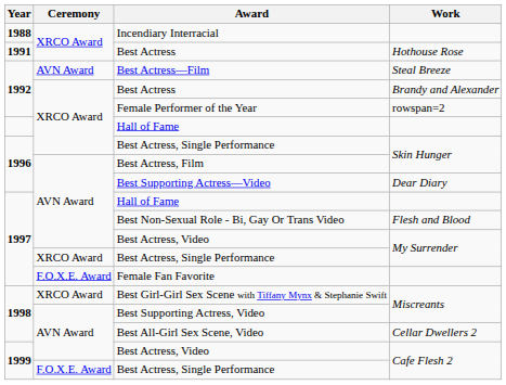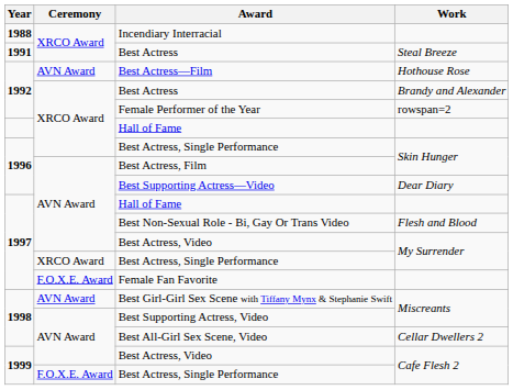 <table class="wikitable">
 <tr>
 <th>Year</th>
 <th>Ceremony</th>
 <th>Award</th>
 <th>Work</th>
 </tr>
 <tr>
 <td><strong>1988</strong></td>
 <td rowspan=2><a href='#'>XRCO Award</a></td>
 <td>Incendiary Interracial</td>
 <td></td>
 </tr>
 <tr>
 <td><strong>1991</strong></td>
 <td>Best Actress</td>
-<td><em>Hothouse Rose</em></td>
+<td><em>Steal Breeze</em></td>
 </tr>
 <tr>
 <td rowspan=3><strong>1992</strong></td>
 <td><a href='#'>AVN Award</a></td>
 <td><a href='#'>Best Actress—Film</a></td>
-<td><em>Steal Breeze</em></td>
+<td><em>Hothouse Rose</em></td>
 </tr>
 <tr>
 <td rowspan=4>XRCO Award</td>
 <td>Best Actress</td>
 <td><em>Brandy and Alexander</em></td>
 </tr>
 <tr>
 <td>Female Performer of the Year</td>
 <td>rowspan=2 </td>
 </tr>
 <tr>
 <td></td>
 <td><a href='#'>Hall of Fame</a></td>
 </tr>
 <tr>
 <td rowspan="3"><strong>1996</strong></td>
 <td>Best Actress, Single Performance</td>
 <td rowspan="2"><em>Skin Hunger</em></td>
 </tr>
 <tr>
 <td rowspan="5">AVN Award</td>
 <td>Best Actress, Film</td>
 </tr>
 <tr>
 <td><a href='#'>Best Supporting Actress—Video</a></td>
 <td><em>Dear Diary</em></td>
 </tr>
 <tr>
 <td rowspan="5"><strong>1997</strong></td>
 <td><a href='#'>Hall of Fame</a></td>
 <td></td>
 </tr>
 <tr>
 <td>Best Non-Sexual Role - Bi, Gay Or Trans Video</td>
 <td><em>Flesh and Blood</em></td>
 </tr>
 <tr>
 <td>Best Actress, Video</td>
 <td rowspan=2><em>My Surrender</em></td>
 </tr>
 <tr>
 <td>XRCO Award</td>
 <td>Best Actress, Single Performance</td>
 </tr>
 <tr>
 <td><a href='#'>F.O.X.E. Award</a></td>
 <td>Female Fan Favorite</td>
 <td></td>
 </tr>
 <tr>
 <td rowspan="3"><strong>1998</strong></td>
-<td>XRCO Award</td>
+<td><a href='#'>AVN Award</a></td>
 <td>Best Girl-Girl Sex Scene <small>with <a href='#'>Tiffany Mynx</a> & Stephanie Swift</small></td>
 <td rowspan="2"><em>Miscreants</em></td>
 </tr>
 <tr>
 <td rowspan="3">AVN Award</td>
 <td>Best Supporting Actress, Video</td>
 </tr>
 <tr>
 <td>Best All-Girl Sex Scene, Video</td>
 <td><em>Cellar Dwellers 2</em></td>
 </tr>
 <tr>
 <td rowspan="2"><strong>1999</strong></td>
 <td>Best Actress, Video</td>
 <td rowspan="2"><em>Cafe Flesh 2</em></td>
 </tr>
 <tr>
 <td><a href='#'>F.O.X.E. Award</a></td>
 <td>Best Actress, Single Performance</td>
 </tr>
 </table>
